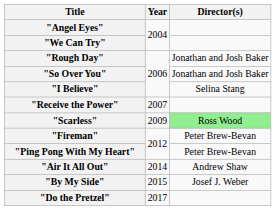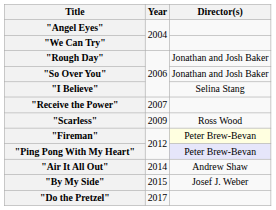 <table class="wikitable sortable plainrowheaders" style="text-align:center;">
 <tr>
 <th scope="col" style="width:14em;">Title</th>
 <th scope="col">Year</th>
 <th scope="col">Director(s)</th>
 </tr>
 <tr>
 <th scope="row">"Angel Eyes"</th>
 <td rowspan="2">2004</td>
 <td></td>
 </tr>
 <tr>
 <th scope="row">"We Can Try"</th>
 <td></td>
 </tr>
 <tr>
 <th scope="row">"Rough Day"</th>
 <td rowspan="3">2006</td>
 <td>Jonathan and Josh Baker</td>
 </tr>
 <tr>
 <th scope="row">"So Over You"</th>
 <td>Jonathan and Josh Baker</td>
 </tr>
 <tr>
 <th scope="row">"I Believe"</th>
 <td>Selina Stang</td>
 </tr>
 <tr>
 <th scope="row">"Receive the Power"<br></th>
 <td>2007</td>
 <td></td>
 </tr>
 <tr>
 <th scope="row">"Scarless"</th>
 <td>2009</td>
-<td style="background: lightgreen;">Ross Wood</td>
+<td>Ross Wood</td>
 </tr>
 <tr>
 <th scope="row">"Fireman"</th>
 <td rowspan="2">2012</td>
-<td>Peter Brew-Bevan</td>
+<td style="background: lightyellow;">Peter Brew-Bevan</td>
 </tr>
 <tr>
 <th scope="row">"Ping Pong With My Heart"</th>
-<td>Peter Brew-Bevan</td>
+<td style="background: lavender;">Peter Brew-Bevan</td>
 </tr>
 <tr>
 <th scope="row">"Air It All Out"</th>
 <td>2014</td>
 <td>Andrew Shaw</td>
 </tr>
 <tr>
 <th scope="row">"By My Side"</th>
 <td>2015</td>
 <td>Josef J. Weber</td>
 </tr>
 <tr>
 <th scope="row">"Do the Pretzel"<br></th>
 <td>2017</td>
 <td></td>
 </tr>
 </table>
